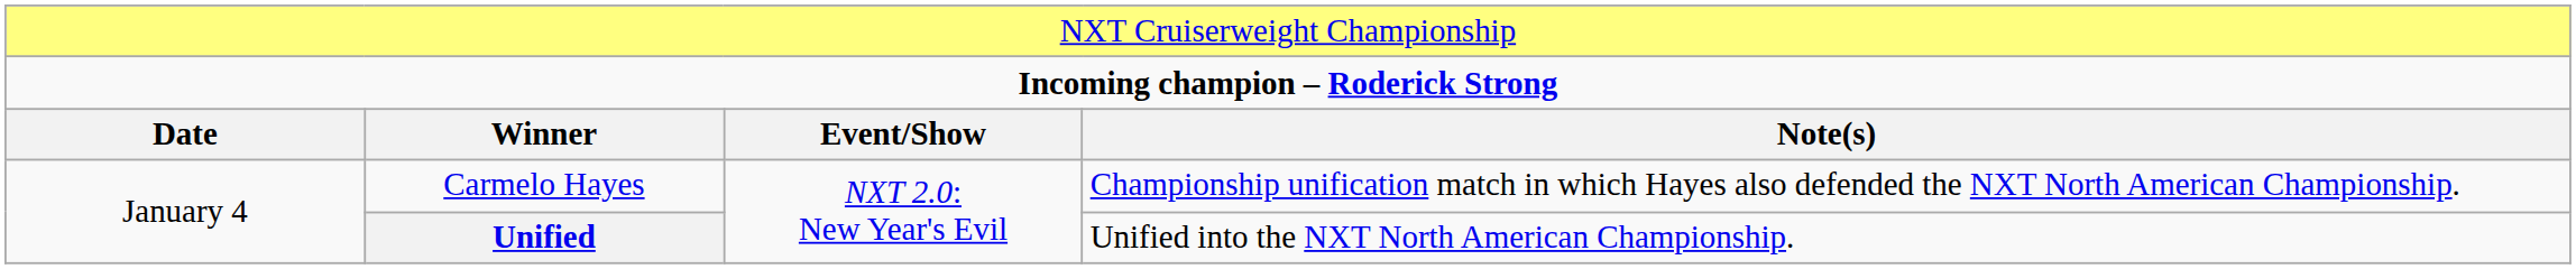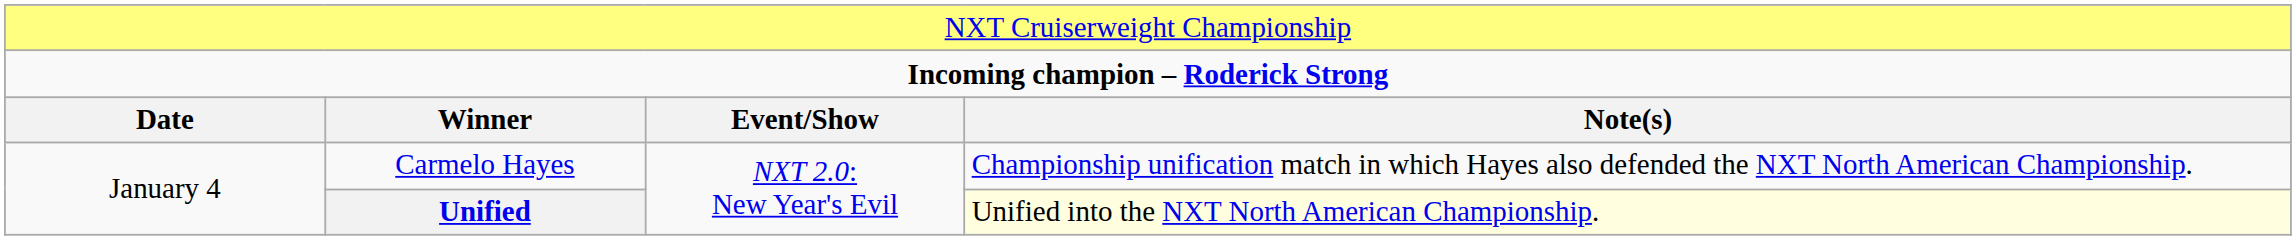 <table class="wikitable" style="text-align:center; width:100%;">
 <tr style="background:#FFFF80;">
 <td colspan="4" style="text-align: center;"><a href='#'>NXT Cruiserweight Championship</a></td>
 </tr>
 <tr>
 <td colspan="4" style="text-align: center;"><strong>Incoming champion – <a href='#'>Roderick Strong</a></strong></td>
 </tr>
 <tr>
 <th width=14%>Date</th>
 <th width=14%>Winner</th>
 <th width=14%>Event/Show</th>
 <th width=58%>Note(s)</th>
 </tr>
 <tr>
 <td rowspan=2>January 4</td>
 <td><a href='#'>Carmelo Hayes</a></td>
 <td rowspan=2><a href='#'><em>NXT 2.0</em>:<br>New Year's Evil</a></td>
 <td align=left><a href='#'>Championship unification</a> match in which Hayes also defended the <a href='#'>NXT North American Championship</a>.</td>
 </tr>
 <tr>
 <th><a href='#'>Unified</a></th>
-<td align=left>Unified into the <a href='#'>NXT North American Championship</a>.</td>
+<td align=left style="background: lightyellow;">Unified into the <a href='#'>NXT North American Championship</a>.</td>
 </tr>
 </table>
